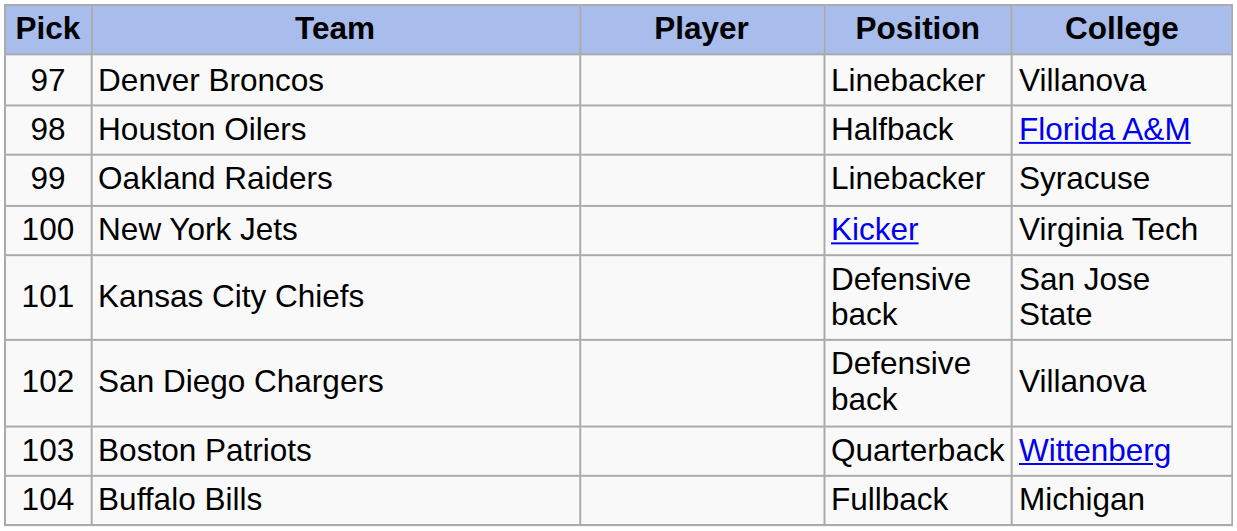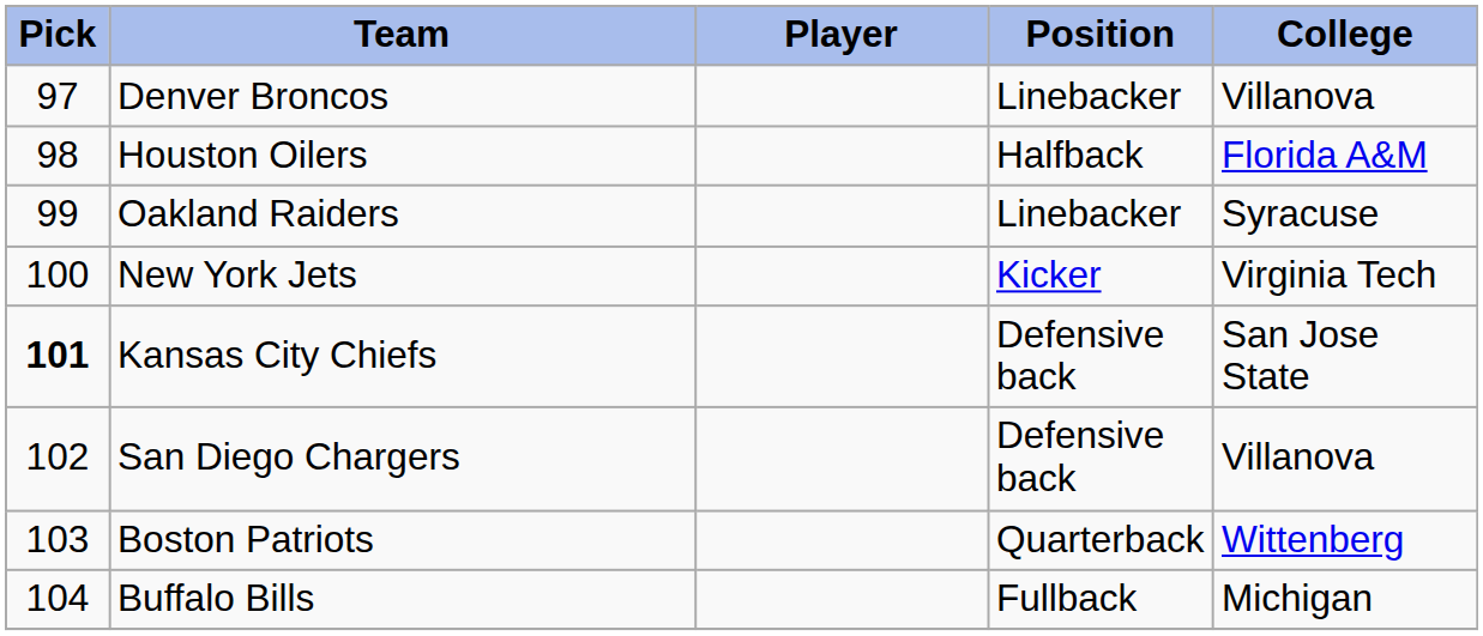 <table class="wikitable sortable sortable" style="width: 100%">
 <tr>
 <th style="background:#A8BDEC;" width=7%>Pick</th>
 <th style="background:#A8BDEC;" width=40%>Team</th>
 <th style="background:#A8BDEC;" width=20%>Player</th>
 <th style="background:#A8BDEC;" width=15%>Position</th>
 <th style="background:#A8BDEC;" width=20%>College</th>
 </tr>
 <tr>
 <td align=center>97</td>
 <td>Denver Broncos</td>
 <td></td>
 <td>Linebacker</td>
 <td>Villanova</td>
 </tr>
 <tr>
 <td align=center>98</td>
 <td>Houston Oilers</td>
 <td></td>
 <td>Halfback</td>
 <td><a href='#'>Florida A&M</a></td>
 </tr>
 <tr>
 <td align=center>99</td>
 <td>Oakland Raiders</td>
 <td></td>
 <td>Linebacker</td>
 <td>Syracuse</td>
 </tr>
 <tr>
 <td align=center>100</td>
 <td>New York Jets</td>
 <td></td>
 <td><a href='#'>Kicker</a></td>
 <td>Virginia Tech</td>
 </tr>
 <tr>
-<td align=center>101</td>
+<td align=center><strong>101</strong></td>
 <td>Kansas City Chiefs</td>
 <td></td>
 <td>Defensive back</td>
 <td>San Jose State</td>
 </tr>
 <tr>
 <td align=center>102</td>
 <td>San Diego Chargers</td>
 <td></td>
 <td>Defensive back</td>
 <td>Villanova</td>
 </tr>
 <tr>
 <td align=center>103</td>
 <td>Boston Patriots</td>
 <td></td>
 <td>Quarterback</td>
 <td><a href='#'>Wittenberg</a></td>
 </tr>
 <tr>
 <td align=center>104</td>
 <td>Buffalo Bills</td>
 <td></td>
 <td>Fullback</td>
 <td>Michigan</td>
 </tr>
 <tr>
 </tr>
 </table>
